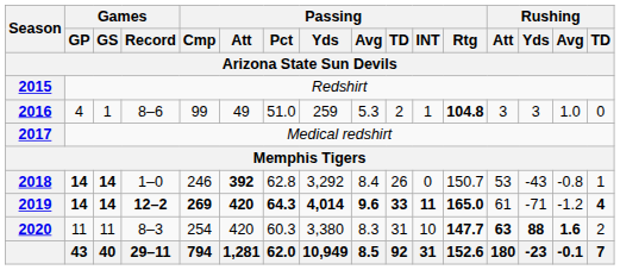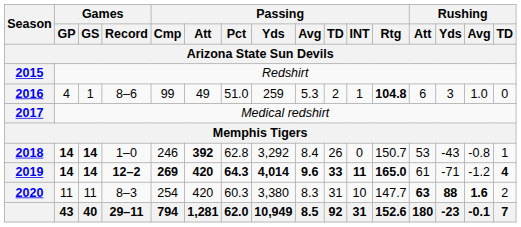 <table class="wikitable" style="text-align:center;">
 <tr>
 <th rowspan="2">Season</th>
 <th colspan="3">Games</th>
 <th colspan="8">Passing</th>
 <th colspan="4">Rushing</th>
 </tr>
 <tr>
 <th>GP</th>
 <th>GS</th>
 <th>Record</th>
 <th>Cmp</th>
 <th>Att</th>
 <th>Pct</th>
 <th>Yds</th>
 <th>Avg</th>
 <th>TD</th>
 <th>INT</th>
 <th>Rtg</th>
 <th>Att</th>
 <th>Yds</th>
 <th>Avg</th>
 <th>TD</th>
 </tr>
 <tr>
 <th colspan="16">Arizona State Sun Devils</th>
 </tr>
 <tr>
 <th><a href='#'>2015</a></th>
 <td colspan="15"><em> Redshirt</em></td>
 </tr>
 <tr>
 <th><a href='#'>2016</a></th>
 <td>4</td>
 <td>1</td>
 <td>8–6</td>
 <td>99</td>
 <td>49</td>
 <td>51.0</td>
 <td>259</td>
 <td>5.3</td>
 <td>2</td>
 <td>1</td>
 <td><strong>104.8</strong></td>
-<td>3</td>
+<td>6</td>
 <td>3</td>
 <td>1.0</td>
 <td>0</td>
 </tr>
 <tr>
 <th><a href='#'>2017</a></th>
 <td colspan="15"><em> Medical redshirt</em></td>
 </tr>
 <tr>
 <th colspan="16">Memphis Tigers</th>
 </tr>
 <tr>
 <th><a href='#'>2018</a></th>
 <td><strong>14</strong></td>
 <td><strong>14</strong></td>
 <td>1–0</td>
 <td>246</td>
 <td><strong>392</strong></td>
 <td>62.8</td>
 <td>3,292</td>
 <td>8.4</td>
 <td>26</td>
 <td>0</td>
 <td>150.7</td>
 <td>53</td>
 <td>-43</td>
 <td>-0.8</td>
 <td>1</td>
 </tr>
 <tr>
 <th><a href='#'>2019</a></th>
 <td><strong>14</strong></td>
 <td><strong>14</strong></td>
 <td><strong>12–2</strong></td>
 <td><strong>269</strong></td>
 <td><strong>420</strong></td>
 <td><strong>64.3</strong></td>
 <td><strong>4,014</strong></td>
 <td><strong>9.6</strong></td>
 <td><strong>33</strong></td>
 <td><strong>11</strong></td>
 <td><strong>165.0</strong></td>
 <td>61</td>
 <td>-71</td>
 <td>-1.2</td>
 <td><strong>4</strong></td>
 </tr>
 <tr>
 <th><a href='#'>2020</a></th>
 <td>11</td>
 <td>11</td>
 <td>8–3</td>
 <td>254</td>
 <td>420</td>
 <td>60.3</td>
 <td>3,380</td>
 <td>8.3</td>
 <td>31</td>
 <td>10</td>
-<td><strong>147.7</strong></td>
+<td>147.7</td>
 <td><strong>63</strong></td>
 <td><strong>88</strong></td>
 <td><strong>1.6</strong></td>
 <td>2</td>
 </tr>
 <tr>
 <th></th>
 <th>43</th>
 <th>40</th>
 <th>29–11</th>
 <th>794</th>
 <th>1,281</th>
 <th>62.0</th>
 <th>10,949</th>
 <th>8.5</th>
 <th>92</th>
 <th>31</th>
 <th>152.6</th>
 <th>180</th>
 <th>-23</th>
 <th>-0.1</th>
 <th>7</th>
 </tr>
 </table>
